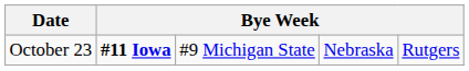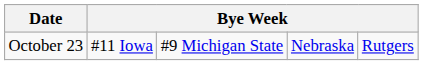 <table class="wikitable" style="font-size:95%;">
 <tr>
 <th>Date</th>
 <th colspan="4">Bye Week</th>
 </tr>
 <tr>
 <td>October 23</td>
-<td><strong>#11 <a href='#'>Iowa</a></strong></td>
+<td>#11 <a href='#'>Iowa</a></td>
 <td>#9 <a href='#'>Michigan State</a></td>
 <td><a href='#'>Nebraska</a></td>
 <td><a href='#'>Rutgers</a></td>
 </tr>
 </table>
